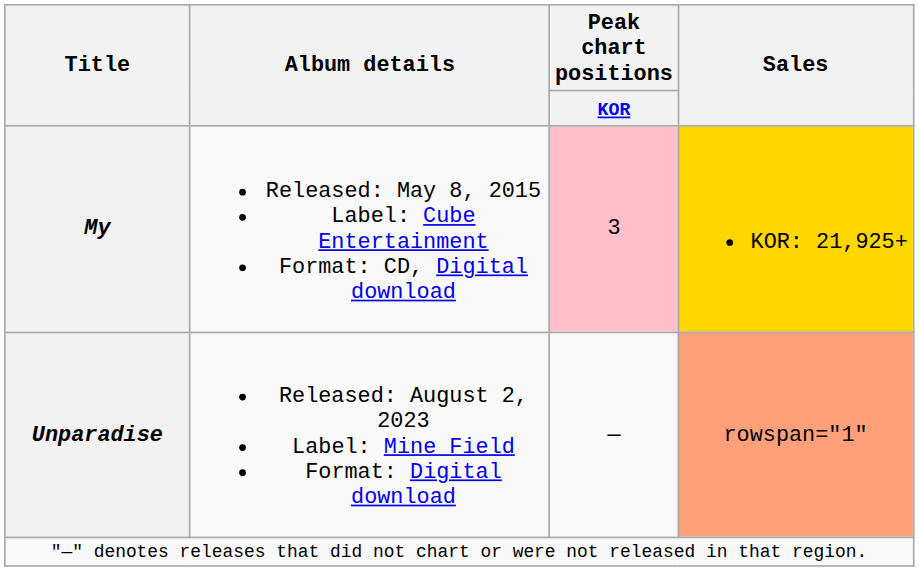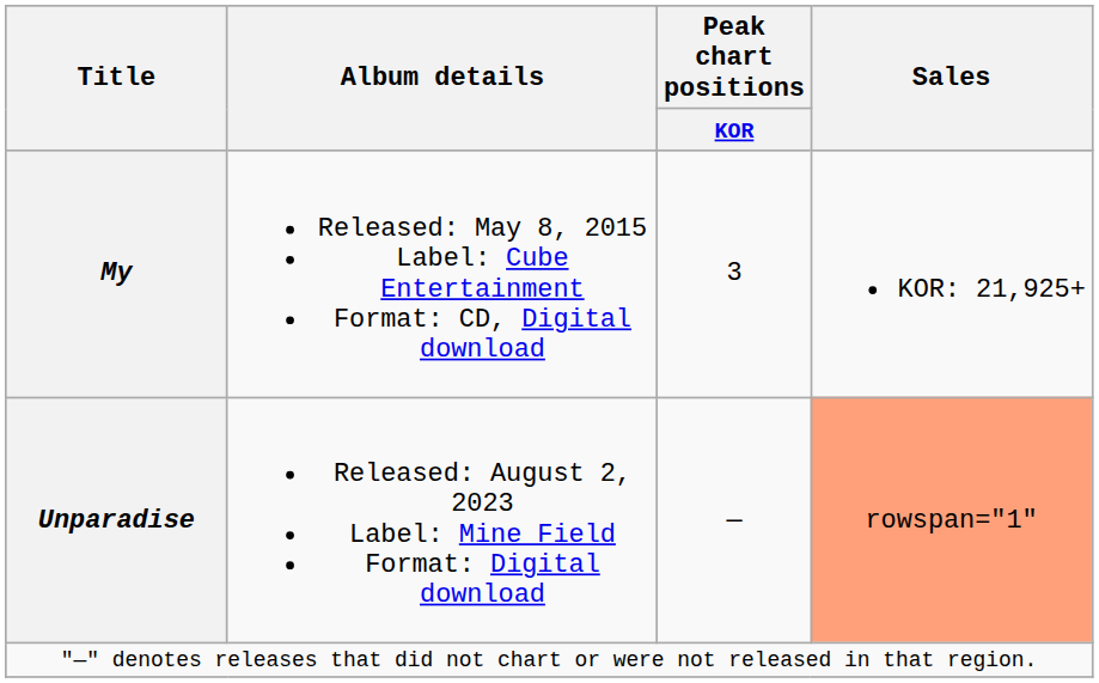 <table class="wikitable plainrowheaders" style="text-align:center;">
 <tr>
 <th rowspan="2" style="width:8em;">Title</th>
 <th rowspan="2" style="width:16em;">Album details</th>
 <th colspan="1">Peak chart positions</th>
 <th rowspan=2>Sales</th>
 </tr>
 <tr>
 <th width="30"><small><a href='#'>KOR</a></small><br></th>
 </tr>
 <tr>
 <th scope="row"><em>My</em></th>
 <td><br><ul><li>Released: May 8, 2015</li><li>Label: <a href='#'>Cube Entertainment</a></li><li>Format: CD, <a href='#'>Digital download</a></li></ul></td>
-<td style="background: pink;">3</td>
-<td style="background: gold;"><br><ul><li>KOR: 21,925+</li></ul></td>
+<td>3</td>
+<td><br><ul><li>KOR: 21,925+</li></ul></td>
 </tr>
 <tr>
 <th scope="row"><em>Unparadise</em></th>
 <td><br><ul><li>Released: August 2, 2023</li><li>Label: <a href='#'>Mine Field</a></li><li>Format: <a href='#'>Digital download</a></li></ul></td>
 <td>—</td>
 <td style="background: lightsalmon;">rowspan="1" </td>
 </tr>
 <tr>
 <td align="center" colspan="10" style="font-size:8pt">"—" denotes releases that did not chart or were not released in that region.</td>
 </tr>
 </table>
